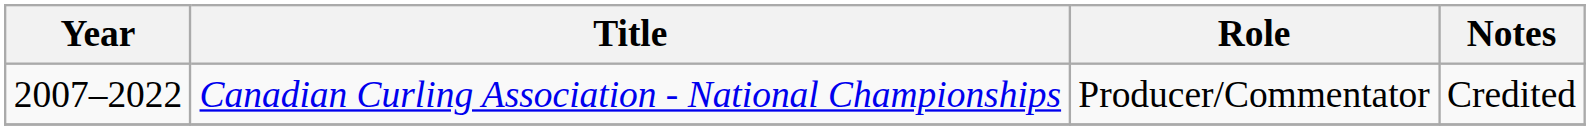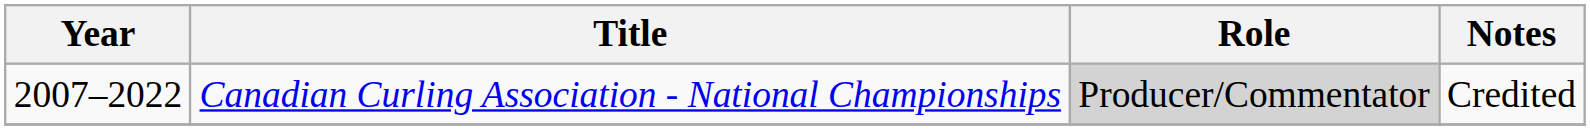 <table class="wikitable sortable">
 <tr>
 <th>Year</th>
 <th>Title</th>
 <th>Role</th>
 <th class="unsortable">Notes</th>
 </tr>
 <tr>
 <td>2007–2022</td>
 <td><em><a href='#'>Canadian Curling Association - National Championships</a></em></td>
-<td>Producer/Commentator</td>
+<td style="background: lightgrey;">Producer/Commentator</td>
 <td>Credited</td>
 </tr>
 <tr>
 </tr>
 </table>
